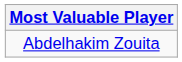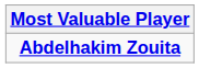 <table class=wikitable style="text-align:center; margin:auto">
 <tr>
 <th><a href='#'>Most Valuable Player</a></th>
 </tr>
 <tr>
-<td> <a href='#'>Abdelhakim Zouita</a></td>
+<td><strong> <a href='#'>Abdelhakim Zouita</a></strong></td>
 </tr>
 </table>
